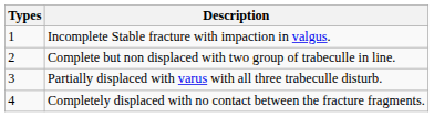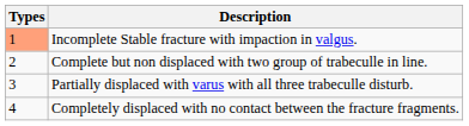 <table class="wikitable">
 <tr>
 <th>Types</th>
 <th>Description</th>
 </tr>
 <tr>
-<td>1</td>
+<td style="background: lightsalmon;">1</td>
 <td>Incomplete Stable fracture with impaction in <a href='#'>valgus</a>.</td>
 </tr>
 <tr>
 <td>2</td>
 <td>Complete but non displaced with two group of trabeculle in line.</td>
 </tr>
 <tr>
 <td>3</td>
 <td>Partially displaced with <a href='#'>varus</a> with all three trabeculle disturb.</td>
 </tr>
 <tr>
 <td>4</td>
 <td>Completely displaced with no contact between the fracture fragments.</td>
 </tr>
 </table>
